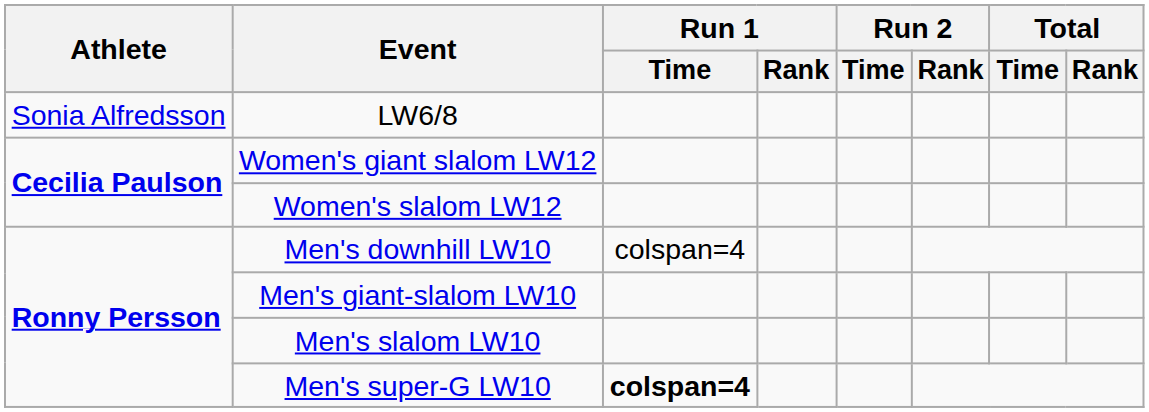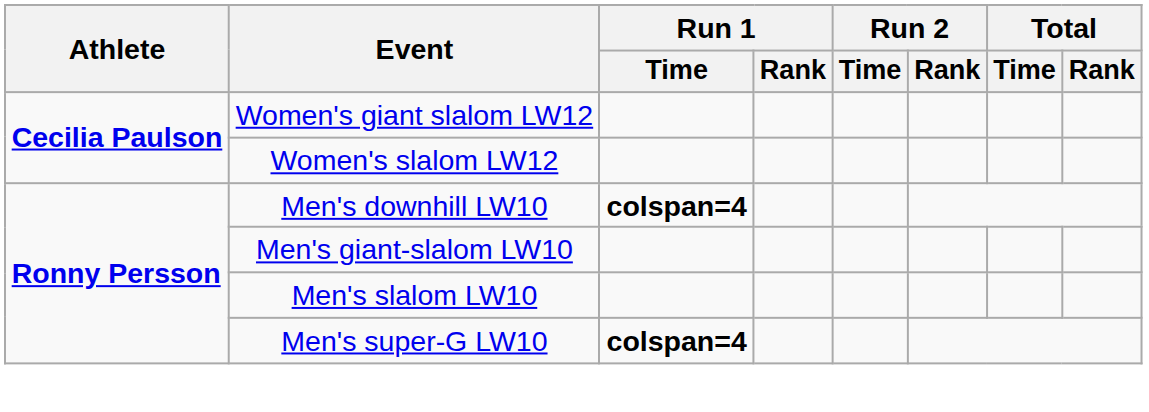 <table class="wikitable" style="font-size:90%">
 <tr>
 <th rowspan=2>Athlete</th>
 <th rowspan=2>Event</th>
 <th colspan=2>Run 1</th>
 <th colspan=2>Run 2</th>
 <th colspan=2>Total</th>
 </tr>
 <tr style="font-size:95%">
 <th>Time</th>
 <th>Rank</th>
 <th>Time</th>
 <th>Rank</th>
 <th>Time</th>
 <th>Rank</th>
-</tr>
-<tr align=center>
-<td align=left><a href='#'>Sonia Alfredsson</a></td>
-<td>LW6/8</td>
-<td></td>
-<td></td>
-<td></td>
-<td></td>
-<td></td>
-<td></td>
 </tr>
 <tr align=center>
 <td align=left rowspan=2><strong><a href='#'>Cecilia Paulson</a></strong></td>
 <td><a href='#'>Women's giant slalom LW12</a></td>
 <td></td>
 <td></td>
 <td></td>
 <td></td>
 <td></td>
 <td></td>
 </tr>
 <tr align=center>
 <td><a href='#'>Women's slalom LW12</a></td>
 <td></td>
 <td></td>
 <td></td>
 <td></td>
 <td></td>
 <td></td>
 </tr>
 <tr align=center>
 <td align=left rowspan=4><strong><a href='#'>Ronny Persson</a></strong></td>
 <td><a href='#'>Men's downhill LW10</a></td>
-<td>colspan=4 </td>
+<td><strong>colspan=4 </strong></td>
 <td></td>
 <td></td>
 </tr>
 <tr align=center>
 <td><a href='#'>Men's giant-slalom LW10</a></td>
 <td></td>
 <td></td>
 <td></td>
 <td></td>
 <td></td>
 <td></td>
 </tr>
 <tr align=center>
 <td><a href='#'>Men's slalom LW10</a></td>
 <td></td>
 <td></td>
 <td></td>
 <td></td>
 <td></td>
 <td></td>
 </tr>
 <tr align=center>
 <td><a href='#'>Men's super-G LW10</a></td>
 <td><strong>colspan=4 </strong></td>
 <td></td>
 <td></td>
 </tr>
 </table>
